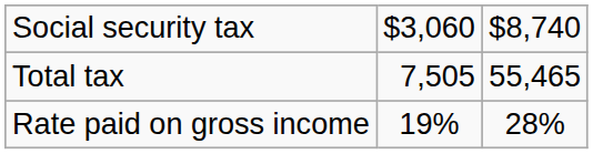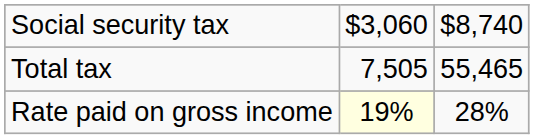 <table class="wikitable">
 <tr>
 <td>Social security tax</td>
 <td align="right">$3,060</td>
 <td align="right">$8,740</td>
 </tr>
 <tr>
 <td>Total tax</td>
 <td align="right">7,505</td>
 <td align="right">55,465  </td>
 </tr>
 <tr>
 <td>Rate paid on gross income</td>
-<td align="center">19%</td>
+<td align="center" style="background: lightyellow;">19%</td>
 <td align="center">28%</td>
 </tr>
 </table>
